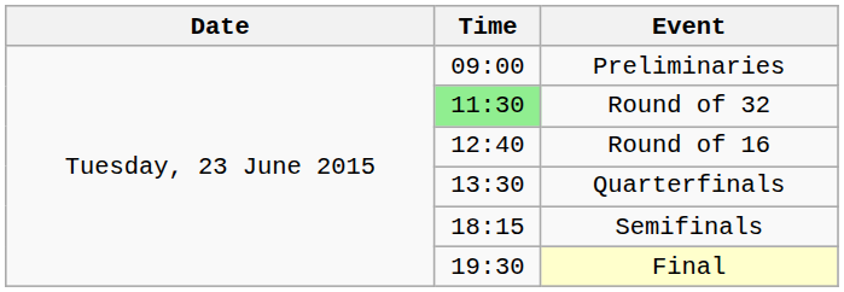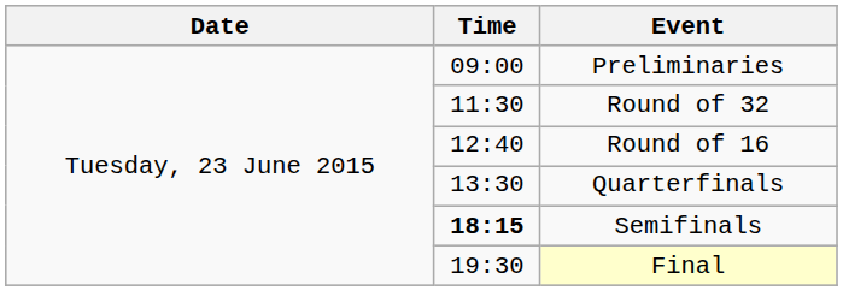 <table class = "wikitable" style="text-align:center;">
 <tr>
 <th width=220>Date</th>
 <th width=50>Time</th>
 <th width=150>Event</th>
 </tr>
 <tr>
 <td rowspan=6>Tuesday, 23 June 2015</td>
 <td>09:00</td>
 <td>Preliminaries</td>
 </tr>
 <tr>
-<td style="background: lightgreen;">11:30</td>
+<td>11:30</td>
 <td>Round of 32</td>
 </tr>
 <tr>
 <td>12:40</td>
 <td>Round of 16</td>
 </tr>
 <tr>
 <td>13:30</td>
 <td>Quarterfinals</td>
 </tr>
 <tr>
-<td>18:15</td>
+<td><strong>18:15</strong></td>
 <td>Semifinals</td>
 </tr>
 <tr>
 <td>19:30</td>
 <td bgcolor=ffffcc>Final</td>
 </tr>
 </table>
